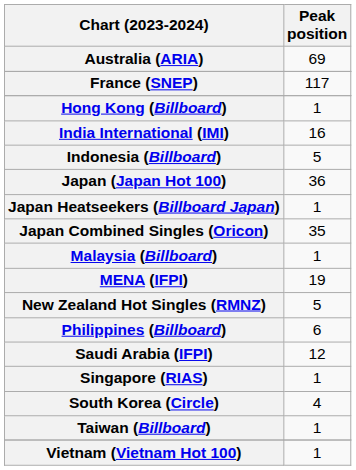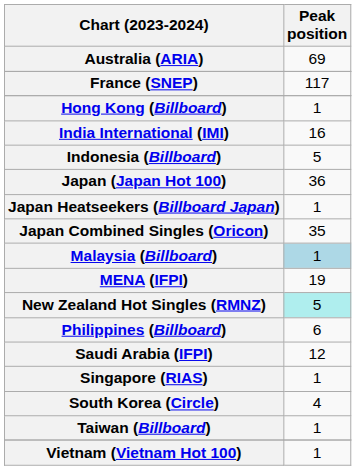 <table class="wikitable sortable plainrowheaders" style="text-align:center">
 <tr>
 <th scope="col">Chart (2023-2024)</th>
 <th scope="col">Peak<br>position</th>
 </tr>
 <tr>
 <th scope="row">Australia (<a href='#'>ARIA</a>)</th>
 <td>69</td>
 </tr>
 <tr>
 </tr>
 <tr>
 <th scope="row">France (<a href='#'>SNEP</a>)</th>
 <td>117</td>
 </tr>
 <tr>
 </tr>
 <tr>
 <th scope="row"><a href='#'>Hong Kong</a> (<em><a href='#'>Billboard</a></em>)</th>
 <td>1</td>
 </tr>
 <tr>
 <th scope="row"><a href='#'>India International</a> (<a href='#'>IMI</a>)</th>
 <td>16</td>
 </tr>
 <tr>
 <th scope="row">Indonesia (<em><a href='#'>Billboard</a></em>)</th>
 <td>5</td>
 </tr>
 <tr>
 <th scope="row">Japan (<a href='#'>Japan Hot 100</a>)</th>
 <td>36</td>
 </tr>
 <tr>
 <th scope="row">Japan Heatseekers (<em><a href='#'>Billboard Japan</a></em>)</th>
 <td>1</td>
 </tr>
 <tr>
 <th scope="row">Japan Combined Singles (<a href='#'>Oricon</a>)</th>
 <td>35</td>
 </tr>
 <tr>
 <th scope="row"><a href='#'>Malaysia</a> (<em><a href='#'>Billboard</a></em>)</th>
-<td>1</td>
+<td style="background: lightblue;">1</td>
 </tr>
 <tr>
 <th scope="row"><a href='#'>MENA</a> (<a href='#'>IFPI</a>)</th>
 <td>19</td>
 </tr>
 <tr>
 <th scope="row">New Zealand Hot Singles (<a href='#'>RMNZ</a>)</th>
-<td>5</td>
+<td style="background: paleturquoise;">5</td>
 </tr>
 <tr>
 <th scope="row"><a href='#'>Philippines</a> (<em><a href='#'>Billboard</a></em>)</th>
 <td>6</td>
 </tr>
 <tr>
 <th scope="row">Saudi Arabia (<a href='#'>IFPI</a>)</th>
 <td>12</td>
 </tr>
 <tr>
 <th scope="row">Singapore (<a href='#'>RIAS</a>)</th>
 <td>1</td>
 </tr>
 <tr>
 <th scope="row">South Korea (<a href='#'>Circle</a>)</th>
 <td>4</td>
 </tr>
 <tr>
 <th scope="row">Taiwan (<em><a href='#'>Billboard</a></em>)</th>
 <td>1</td>
 </tr>
 <tr>
 </tr>
 <tr>
 </tr>
 <tr>
 </tr>
 <tr>
 <th scope="row">Vietnam (<a href='#'>Vietnam Hot 100</a>)</th>
 <td>1</td>
 </tr>
 </table>
